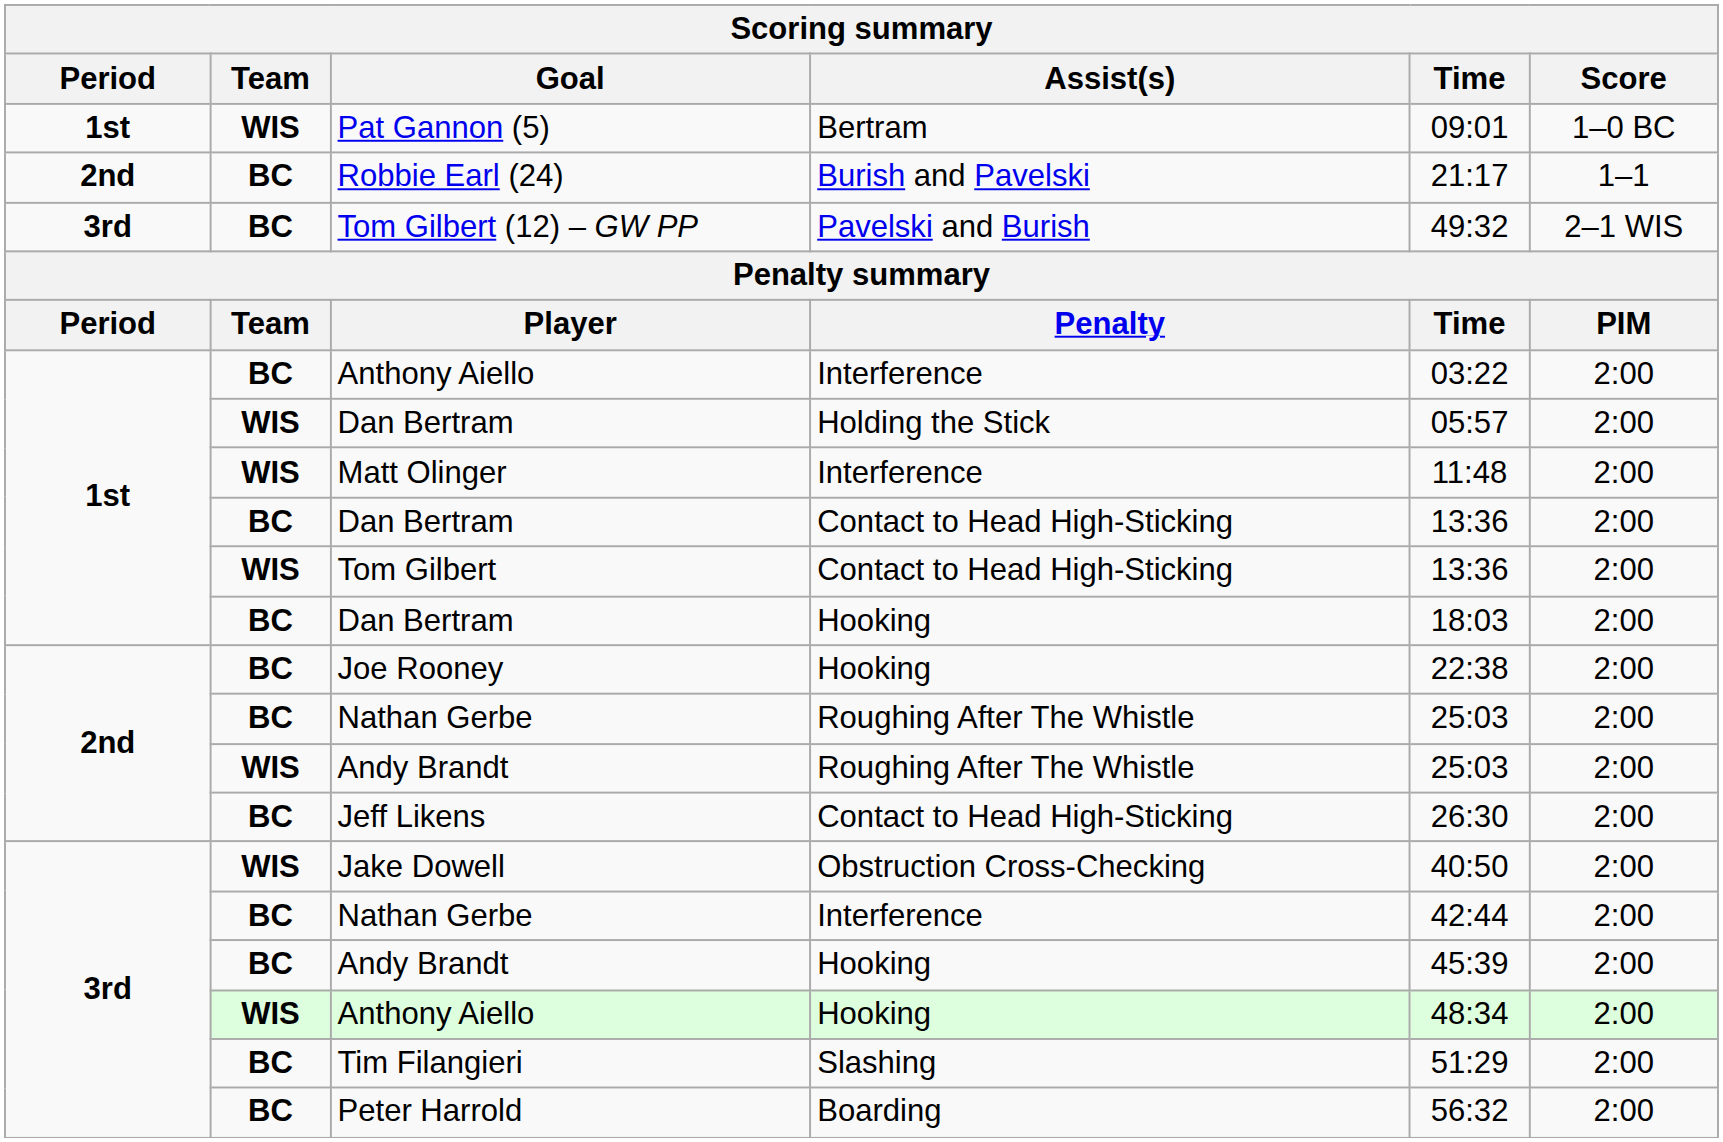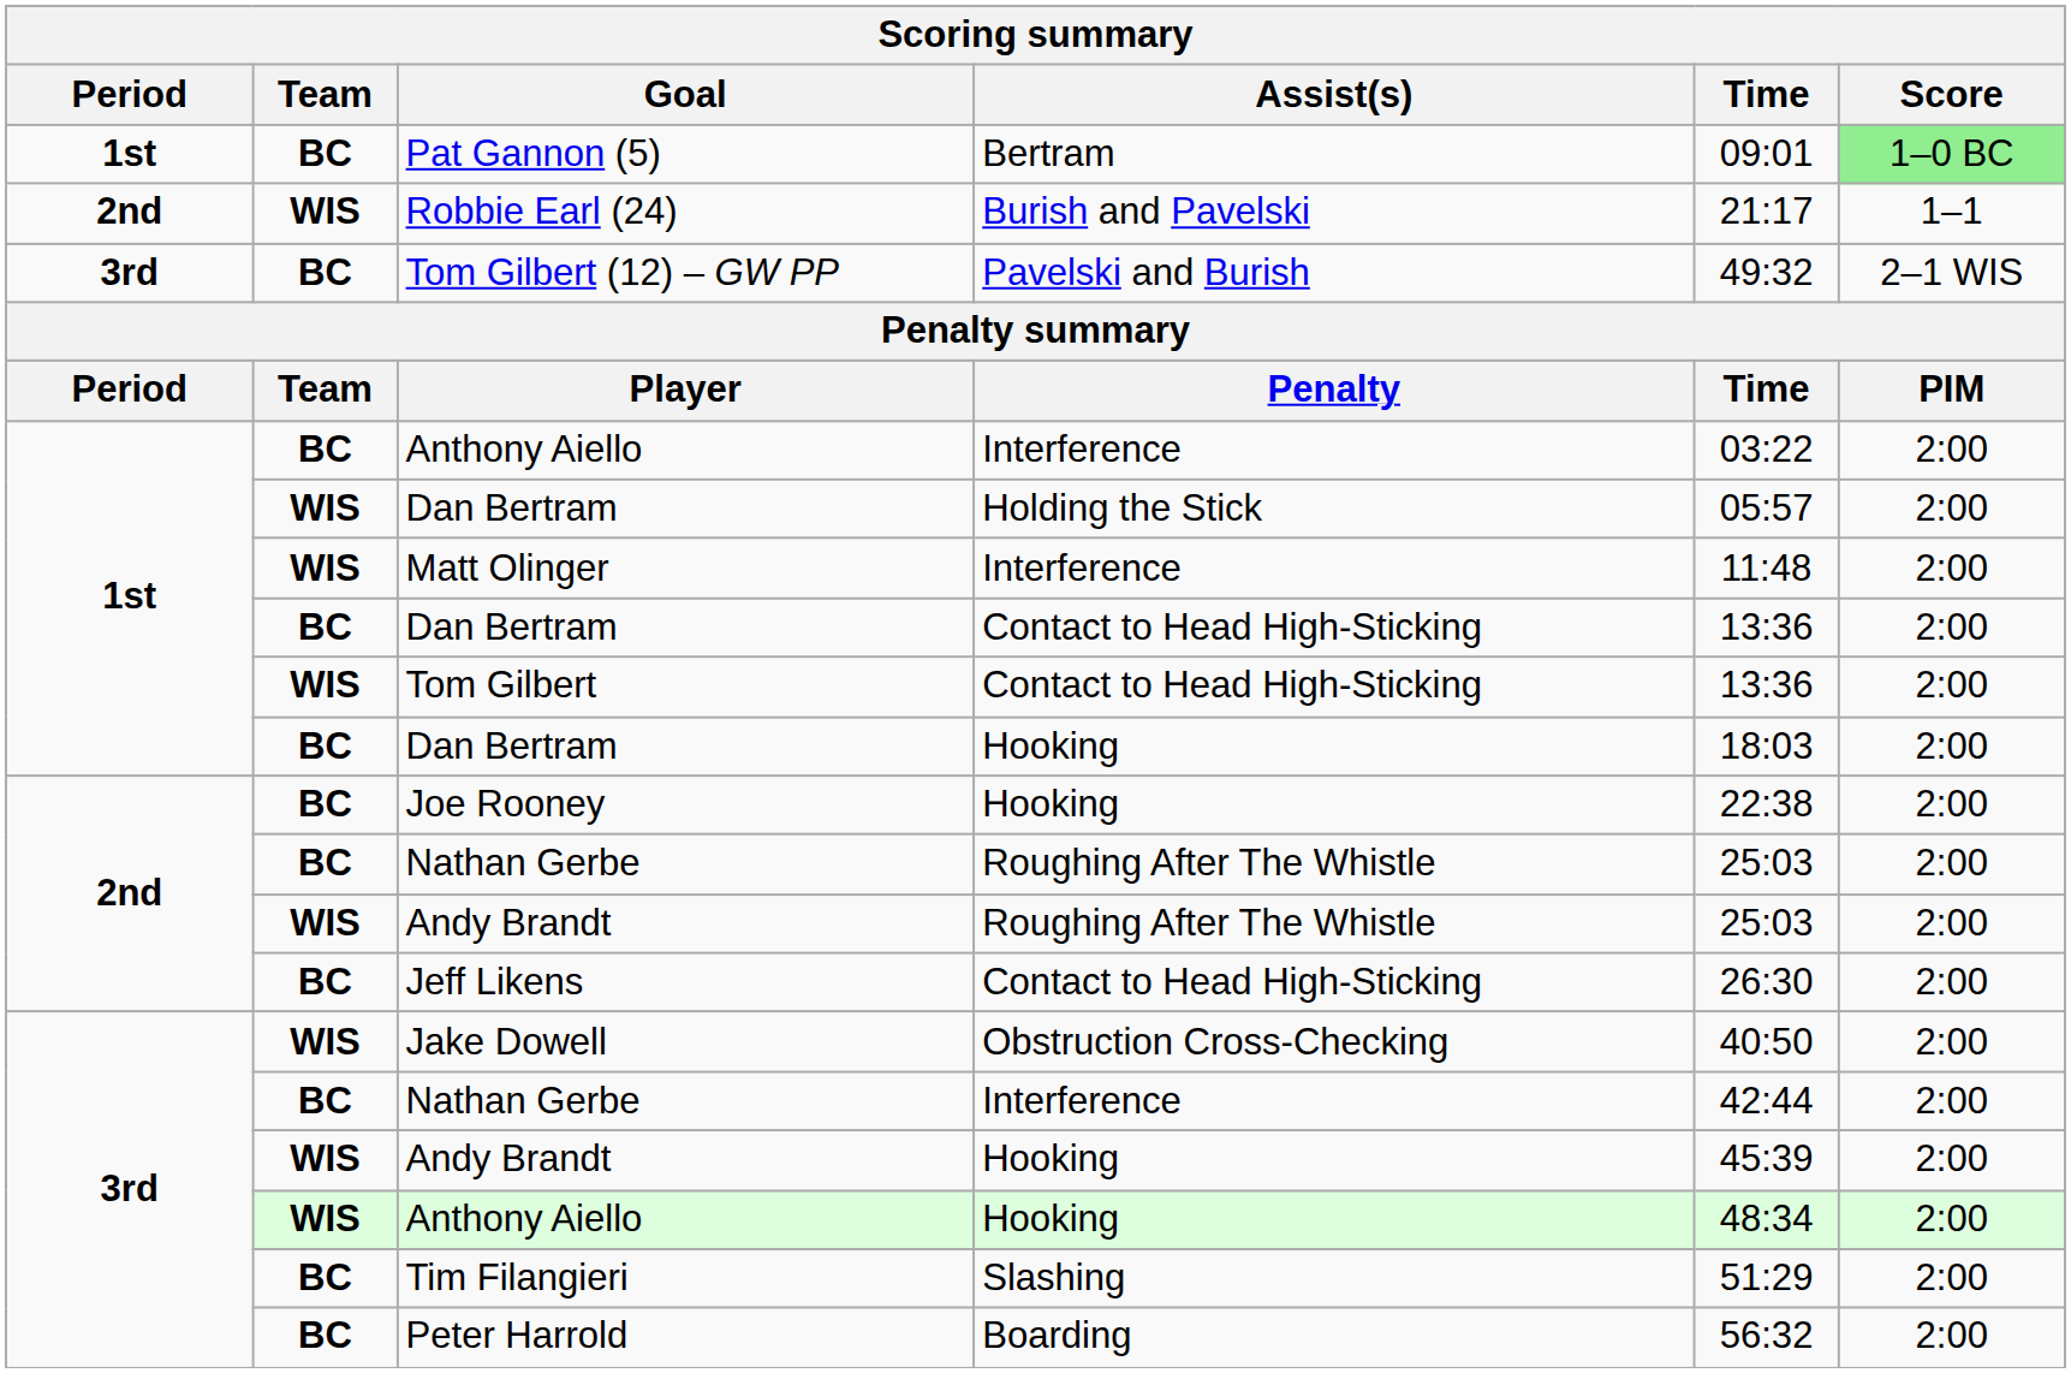 <table style="width:100%;" class="wikitable">
 <tr>
 <th colspan=6>Scoring summary</th>
 </tr>
 <tr>
 <th style="width:12%;">Period</th>
 <th style="width:7%;">Team</th>
 <th style="width:28%;">Goal</th>
 <th style="width:35%;">Assist(s)</th>
 <th style="width:7%;">Time</th>
 <th style="width:11%;">Score</th>
 </tr>
 <tr>
 <td style="text-align:center;" rowspan="1"><strong>1st</strong></td>
-<td align=center><strong>WIS</strong></td>
+<td align=center><strong>BC</strong></td>
 <td><a href='#'>Pat Gannon</a> (5)</td>
 <td>Bertram</td>
 <td align=center>09:01</td>
-<td align=center>1–0 BC</td>
+<td align=center style="background: lightgreen;">1–0 BC</td>
 </tr>
 <tr>
 <td style="text-align:center;" rowspan="1"><strong>2nd</strong></td>
-<td align=center><strong>BC</strong></td>
+<td align=center><strong>WIS</strong></td>
 <td><a href='#'>Robbie Earl</a> (24)</td>
 <td><a href='#'>Burish</a> and <a href='#'>Pavelski</a></td>
 <td align=center>21:17</td>
 <td align=center>1–1</td>
 </tr>
 <tr>
 <td style="text-align:center;" rowspan="1"><strong>3rd</strong></td>
 <td align=center><strong>BC</strong></td>
 <td><a href='#'>Tom Gilbert</a> (12) – <em>GW PP</em></td>
 <td><a href='#'>Pavelski</a> and <a href='#'>Burish</a></td>
 <td align=center>49:32</td>
 <td align=center>2–1 WIS</td>
 </tr>
 <tr>
 <th colspan=6>Penalty summary</th>
 </tr>
 <tr>
 <th style="width:12%;">Period</th>
 <th style="width:7%;">Team</th>
 <th style="width:28%;">Player</th>
 <th style="width:35%;"><a href='#'>Penalty</a></th>
 <th style="width:7%;">Time</th>
 <th style="width:11%;">PIM</th>
 </tr>
 <tr>
 <td style="text-align:center;" rowspan="6"><strong>1st</strong></td>
 <td align=center><strong>BC</strong></td>
 <td>Anthony Aiello</td>
 <td>Interference</td>
 <td align=center>03:22</td>
 <td align=center>2:00</td>
 </tr>
 <tr>
 <td align=center><strong>WIS</strong></td>
 <td>Dan Bertram</td>
 <td>Holding the Stick</td>
 <td align=center>05:57</td>
 <td align=center>2:00</td>
 </tr>
 <tr>
 <td align=center><strong>WIS</strong></td>
 <td>Matt Olinger</td>
 <td>Interference</td>
 <td align=center>11:48</td>
 <td align=center>2:00</td>
 </tr>
 <tr>
 <td align=center><strong>BC</strong></td>
 <td>Dan Bertram</td>
 <td>Contact to Head High-Sticking</td>
 <td align=center>13:36</td>
 <td align=center>2:00</td>
 </tr>
 <tr>
 <td align=center><strong>WIS</strong></td>
 <td>Tom Gilbert</td>
 <td>Contact to Head High-Sticking</td>
 <td align=center>13:36</td>
 <td align=center>2:00</td>
 </tr>
 <tr>
 <td align=center><strong>BC</strong></td>
 <td>Dan Bertram</td>
 <td>Hooking</td>
 <td align=center>18:03</td>
 <td align=center>2:00</td>
 </tr>
 <tr>
 <td style="text-align:center;" rowspan="4"><strong>2nd</strong></td>
 <td align=center><strong>BC</strong></td>
 <td>Joe Rooney</td>
 <td>Hooking</td>
 <td align=center>22:38</td>
 <td align=center>2:00</td>
 </tr>
 <tr>
 <td align=center><strong>BC</strong></td>
 <td>Nathan Gerbe</td>
 <td>Roughing After The Whistle</td>
 <td align=center>25:03</td>
 <td align=center>2:00</td>
 </tr>
 <tr>
 <td align=center><strong>WIS</strong></td>
 <td>Andy Brandt</td>
 <td>Roughing After The Whistle</td>
 <td align=center>25:03</td>
 <td align=center>2:00</td>
 </tr>
 <tr>
 <td align=center><strong>BC</strong></td>
 <td>Jeff Likens</td>
 <td>Contact to Head High-Sticking</td>
 <td align=center>26:30</td>
 <td align=center>2:00</td>
 </tr>
 <tr>
 <td style="text-align:center;" rowspan="6"><strong>3rd</strong></td>
 <td align=center><strong>WIS</strong></td>
 <td>Jake Dowell</td>
 <td>Obstruction Cross-Checking</td>
 <td align=center>40:50</td>
 <td align=center>2:00</td>
 </tr>
 <tr>
 <td align=center><strong>BC</strong></td>
 <td>Nathan Gerbe</td>
 <td>Interference</td>
 <td align=center>42:44</td>
 <td align=center>2:00</td>
 </tr>
 <tr>
-<td align=center><strong>BC</strong></td>
+<td align=center><strong>WIS</strong></td>
 <td>Andy Brandt</td>
 <td>Hooking</td>
 <td align=center>45:39</td>
 <td align=center>2:00</td>
 </tr>
 <tr bgcolor=ddffdd>
 <td align=center><strong>WIS</strong></td>
 <td>Anthony Aiello</td>
 <td>Hooking</td>
 <td align=center>48:34</td>
 <td align=center>2:00</td>
 </tr>
 <tr>
 <td align=center><strong>BC</strong></td>
 <td>Tim Filangieri</td>
 <td>Slashing</td>
 <td align=center>51:29</td>
 <td align=center>2:00</td>
 </tr>
 <tr>
 <td align=center><strong>BC</strong></td>
 <td>Peter Harrold</td>
 <td>Boarding</td>
 <td align=center>56:32</td>
 <td align=center>2:00</td>
 </tr>
 <tr>
 </tr>
 </table>
